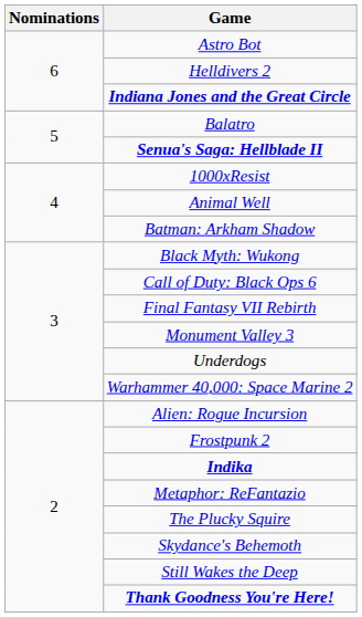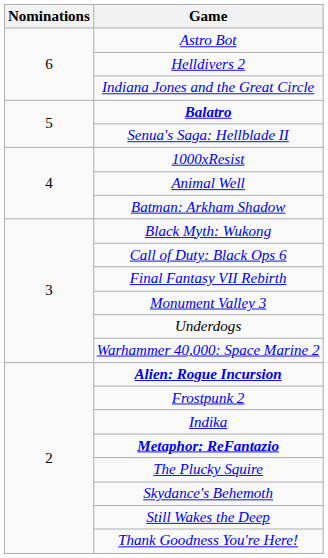 <table class="wikitable floatleft" rowspan="2" style="text-align:center;" background: #f6e39c;>
 <tr>
 <th scope="col">Nominations</th>
 <th scope="col">Game</th>
 </tr>
 <tr>
 <td rowspan="3">6</td>
 <td><em><a href='#'>Astro Bot</a></em></td>
 </tr>
 <tr>
 <td><em><a href='#'>Helldivers 2</a></em></td>
 </tr>
 <tr>
-<td><strong><em><a href='#'>Indiana Jones and the Great Circle</a></em></strong></td>
+<td><em><a href='#'>Indiana Jones and the Great Circle</a></em></td>
 </tr>
 <tr>
 <td rowspan="2">5</td>
-<td><em><a href='#'>Balatro</a></em></td>
+<td><strong><em><a href='#'>Balatro</a></em></strong></td>
 </tr>
 <tr>
-<td><strong><em><a href='#'>Senua's Saga: Hellblade II</a></em></strong></td>
+<td><em><a href='#'>Senua's Saga: Hellblade II</a></em></td>
 </tr>
 <tr>
 <td rowspan="3">4</td>
 <td><em><a href='#'>1000xResist</a></em></td>
 </tr>
 <tr>
 <td><em><a href='#'>Animal Well</a></em></td>
 </tr>
 <tr>
 <td><em><a href='#'>Batman: Arkham Shadow</a></em></td>
 </tr>
 <tr>
 <td rowspan="6">3</td>
 <td><em><a href='#'>Black Myth: Wukong</a></em></td>
 </tr>
 <tr>
 <td><em><a href='#'>Call of Duty: Black Ops 6</a></em></td>
 </tr>
 <tr>
 <td><em><a href='#'>Final Fantasy VII Rebirth</a></em></td>
 </tr>
 <tr>
 <td><em><a href='#'>Monument Valley 3</a></em></td>
 </tr>
 <tr>
 <td><em>Underdogs</em></td>
 </tr>
 <tr>
 <td><em><a href='#'>Warhammer 40,000: Space Marine 2</a></em></td>
 </tr>
 <tr>
 <td rowspan="8">2</td>
-<td><em><a href='#'>Alien: Rogue Incursion</a></em></td>
+<td><strong><em><a href='#'>Alien: Rogue Incursion</a></em></strong></td>
 </tr>
 <tr>
 <td><em><a href='#'>Frostpunk 2</a></em></td>
 </tr>
 <tr>
-<td><strong><em><a href='#'>Indika</a></em></strong></td>
+<td><em><a href='#'>Indika</a></em></td>
 </tr>
 <tr>
-<td><em><a href='#'>Metaphor: ReFantazio</a></em></td>
+<td><strong><em><a href='#'>Metaphor: ReFantazio</a></em></strong></td>
 </tr>
 <tr>
 <td><em><a href='#'>The Plucky Squire</a></em></td>
 </tr>
 <tr>
 <td><em><a href='#'>Skydance's Behemoth</a></em></td>
 </tr>
 <tr>
 <td><em><a href='#'>Still Wakes the Deep</a></em></td>
 </tr>
 <tr>
-<td><strong><em><a href='#'>Thank Goodness You're Here!</a></em></strong></td>
+<td><em><a href='#'>Thank Goodness You're Here!</a></em></td>
 </tr>
 </table>
